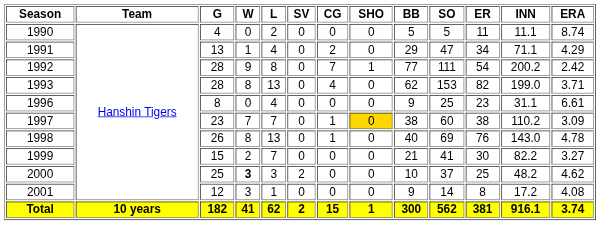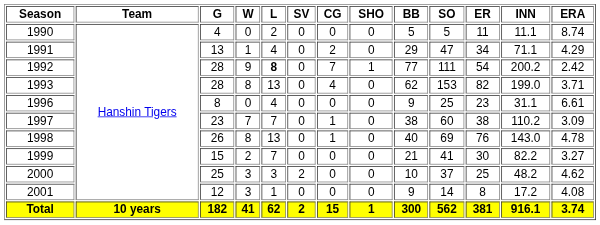 <table border=1 width="800px">
 <tr align="center">
 <th>Season</th>
 <th>Team</th>
 <th>G</th>
 <th>W</th>
 <th>L</th>
 <th>SV</th>
 <th>CG</th>
 <th>SHO</th>
 <th>BB</th>
 <th>SO</th>
 <th>ER</th>
 <th>INN</th>
 <th>ERA</th>
 </tr>
 <tr align="center">
 <td>1990</td>
 <td rowspan="10"><a href='#'>Hanshin Tigers</a></td>
 <td>4</td>
 <td>0</td>
 <td>2</td>
 <td>0</td>
 <td>0</td>
 <td>0</td>
 <td>5</td>
 <td>5</td>
 <td>11</td>
 <td>11.1</td>
 <td>8.74</td>
 </tr>
 <tr align="center">
 <td>1991</td>
 <td>13</td>
 <td>1</td>
 <td>4</td>
 <td>0</td>
 <td>2</td>
 <td>0</td>
 <td>29</td>
 <td>47</td>
 <td>34</td>
 <td>71.1</td>
 <td>4.29</td>
 </tr>
 <tr align="center">
 <td>1992</td>
 <td>28</td>
 <td>9</td>
-<td>8</td>
+<td><strong>8</strong></td>
 <td>0</td>
 <td>7</td>
 <td>1</td>
 <td>77</td>
 <td>111</td>
 <td>54</td>
 <td>200.2</td>
 <td>2.42</td>
 </tr>
 <tr align="center">
 <td>1993</td>
 <td>28</td>
 <td>8</td>
 <td>13</td>
 <td>0</td>
 <td>4</td>
 <td>0</td>
 <td>62</td>
 <td>153</td>
 <td>82</td>
 <td>199.0</td>
 <td>3.71</td>
 </tr>
 <tr align="center">
 <td>1996</td>
 <td>8</td>
 <td>0</td>
 <td>4</td>
 <td>0</td>
 <td>0</td>
 <td>0</td>
 <td>9</td>
 <td>25</td>
 <td>23</td>
 <td>31.1</td>
 <td>6.61</td>
 </tr>
 <tr align="center">
 <td>1997</td>
 <td>23</td>
 <td>7</td>
 <td>7</td>
 <td>0</td>
 <td>1</td>
-<td style="background: gold;">0</td>
+<td>0</td>
 <td>38</td>
 <td>60</td>
 <td>38</td>
 <td>110.2</td>
 <td>3.09</td>
 </tr>
 <tr align="center">
 <td>1998</td>
 <td>26</td>
 <td>8</td>
 <td>13</td>
 <td>0</td>
 <td>1</td>
 <td>0</td>
 <td>40</td>
 <td>69</td>
 <td>76</td>
 <td>143.0</td>
 <td>4.78</td>
 </tr>
 <tr align="center">
 <td>1999</td>
 <td>15</td>
 <td>2</td>
 <td>7</td>
 <td>0</td>
 <td>0</td>
 <td>0</td>
 <td>21</td>
 <td>41</td>
 <td>30</td>
 <td>82.2</td>
 <td>3.27</td>
 </tr>
 <tr align="center">
 <td>2000</td>
 <td>25</td>
-<td><strong>3</strong></td>
+<td>3</td>
 <td>3</td>
 <td>2</td>
 <td>0</td>
 <td>0</td>
 <td>10</td>
 <td>37</td>
 <td>25</td>
 <td>48.2</td>
 <td>4.62</td>
 </tr>
 <tr align="center">
 <td>2001</td>
 <td>12</td>
 <td>3</td>
 <td>1</td>
 <td>0</td>
 <td>0</td>
 <td>0</td>
 <td>9</td>
 <td>14</td>
 <td>8</td>
 <td>17.2</td>
 <td>4.08</td>
 </tr>
 <tr style="color:black; background-color:yellow" align="center">
 <th>Total</th>
 <th>10 years</th>
 <th>182</th>
 <th>41</th>
 <th>62</th>
 <th>2</th>
 <th>15</th>
 <th>1</th>
 <th>300</th>
 <td><strong>562</strong></td>
 <td><strong>381</strong></td>
 <th>916.1</th>
 <th>3.74</th>
 </tr>
 </table>
